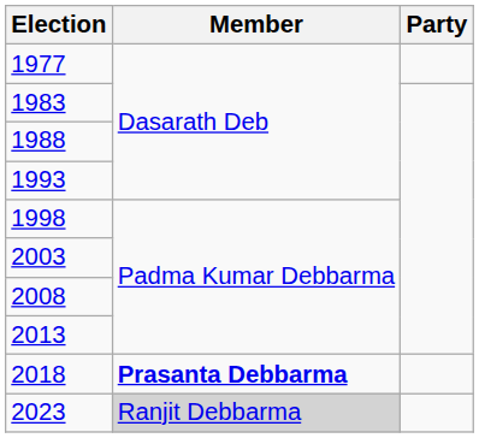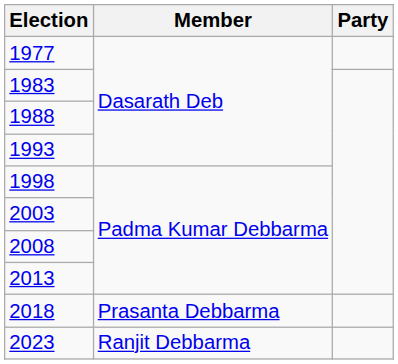 <table class="wikitable sortable">
 <tr>
 <th>Election</th>
 <th>Member</th>
 <th colspan=2>Party</th>
 </tr>
 <tr>
 <td><a href='#'>1977</a></td>
 <td rowspan=4><a href='#'>Dasarath Deb</a></td>
 <td></td>
 </tr>
 <tr>
 <td><a href='#'>1983</a></td>
 </tr>
 <tr>
 <td><a href='#'>1988</a></td>
 </tr>
 <tr>
 <td><a href='#'>1993</a></td>
 </tr>
 <tr>
 <td><a href='#'>1998</a></td>
 <td rowspan=4><a href='#'>Padma Kumar Debbarma</a></td>
 </tr>
 <tr>
 <td><a href='#'>2003</a></td>
 </tr>
 <tr>
 <td><a href='#'>2008</a></td>
 </tr>
 <tr>
 <td><a href='#'>2013</a></td>
 </tr>
 <tr>
 <td><a href='#'>2018</a></td>
-<td><strong><a href='#'>Prasanta Debbarma</a></strong></td>
+<td><a href='#'>Prasanta Debbarma</a></td>
 <td></td>
 </tr>
 <tr>
 <td><a href='#'>2023</a></td>
-<td style="background: lightgrey;"><a href='#'>Ranjit Debbarma</a></td>
+<td><a href='#'>Ranjit Debbarma</a></td>
 <td></td>
 </tr>
 </table>
